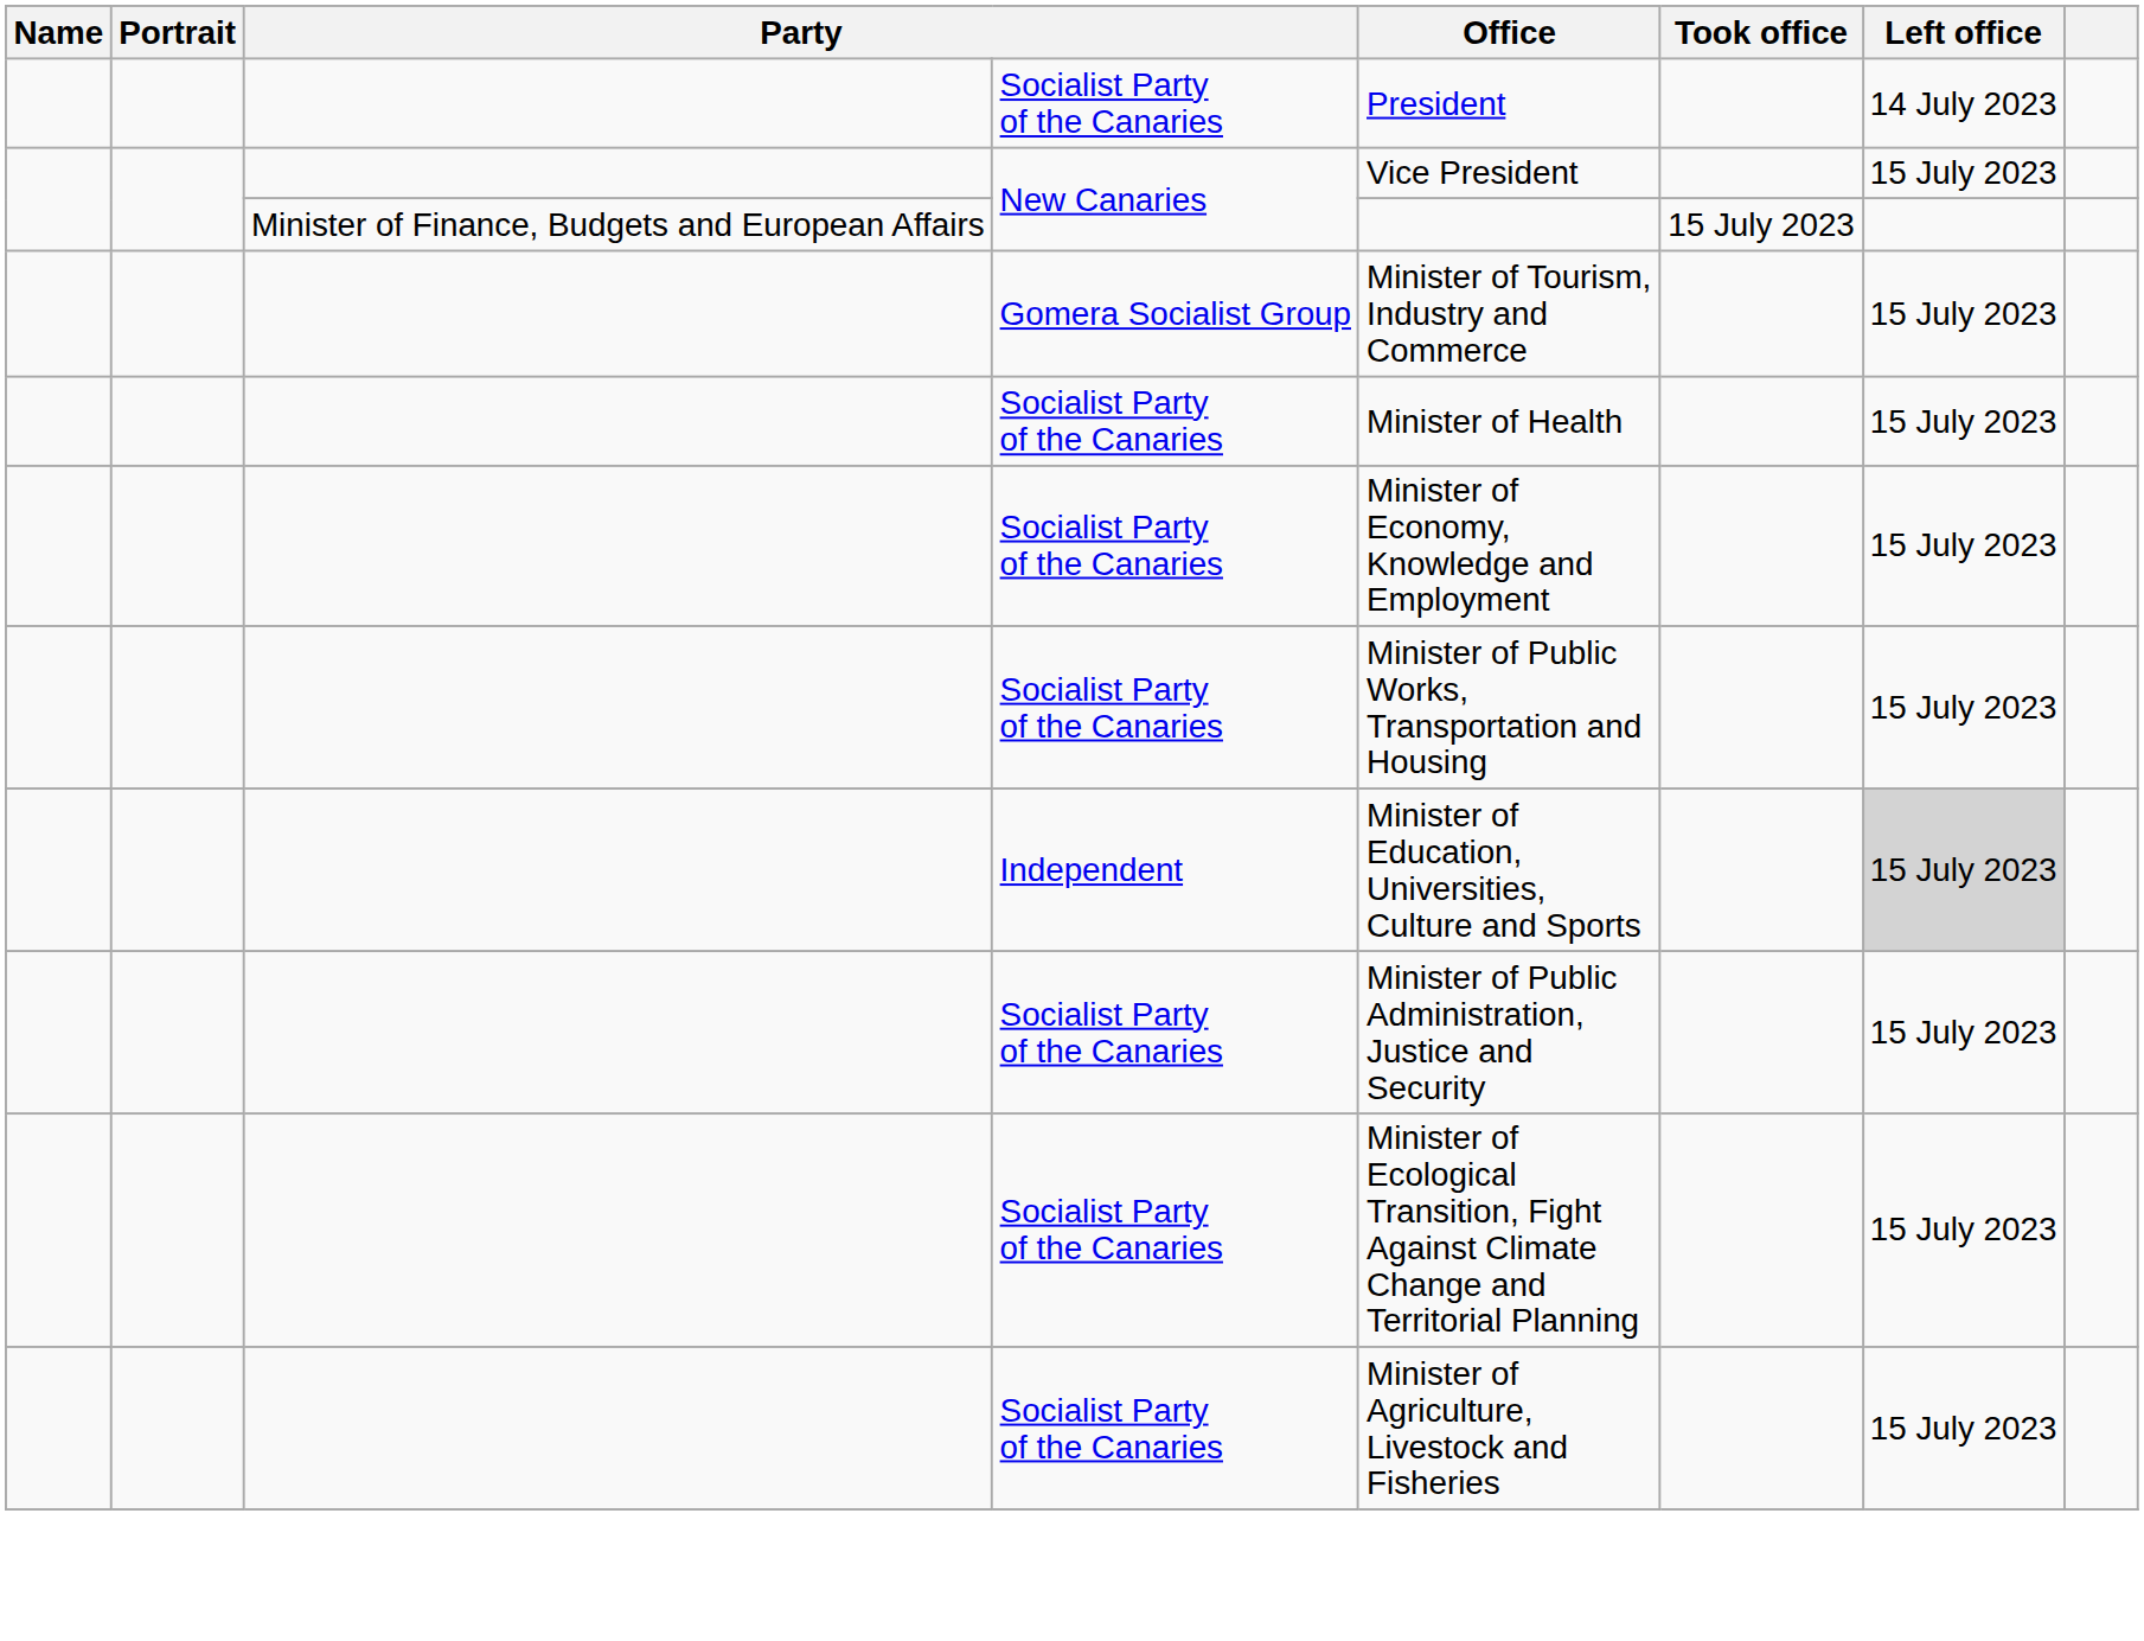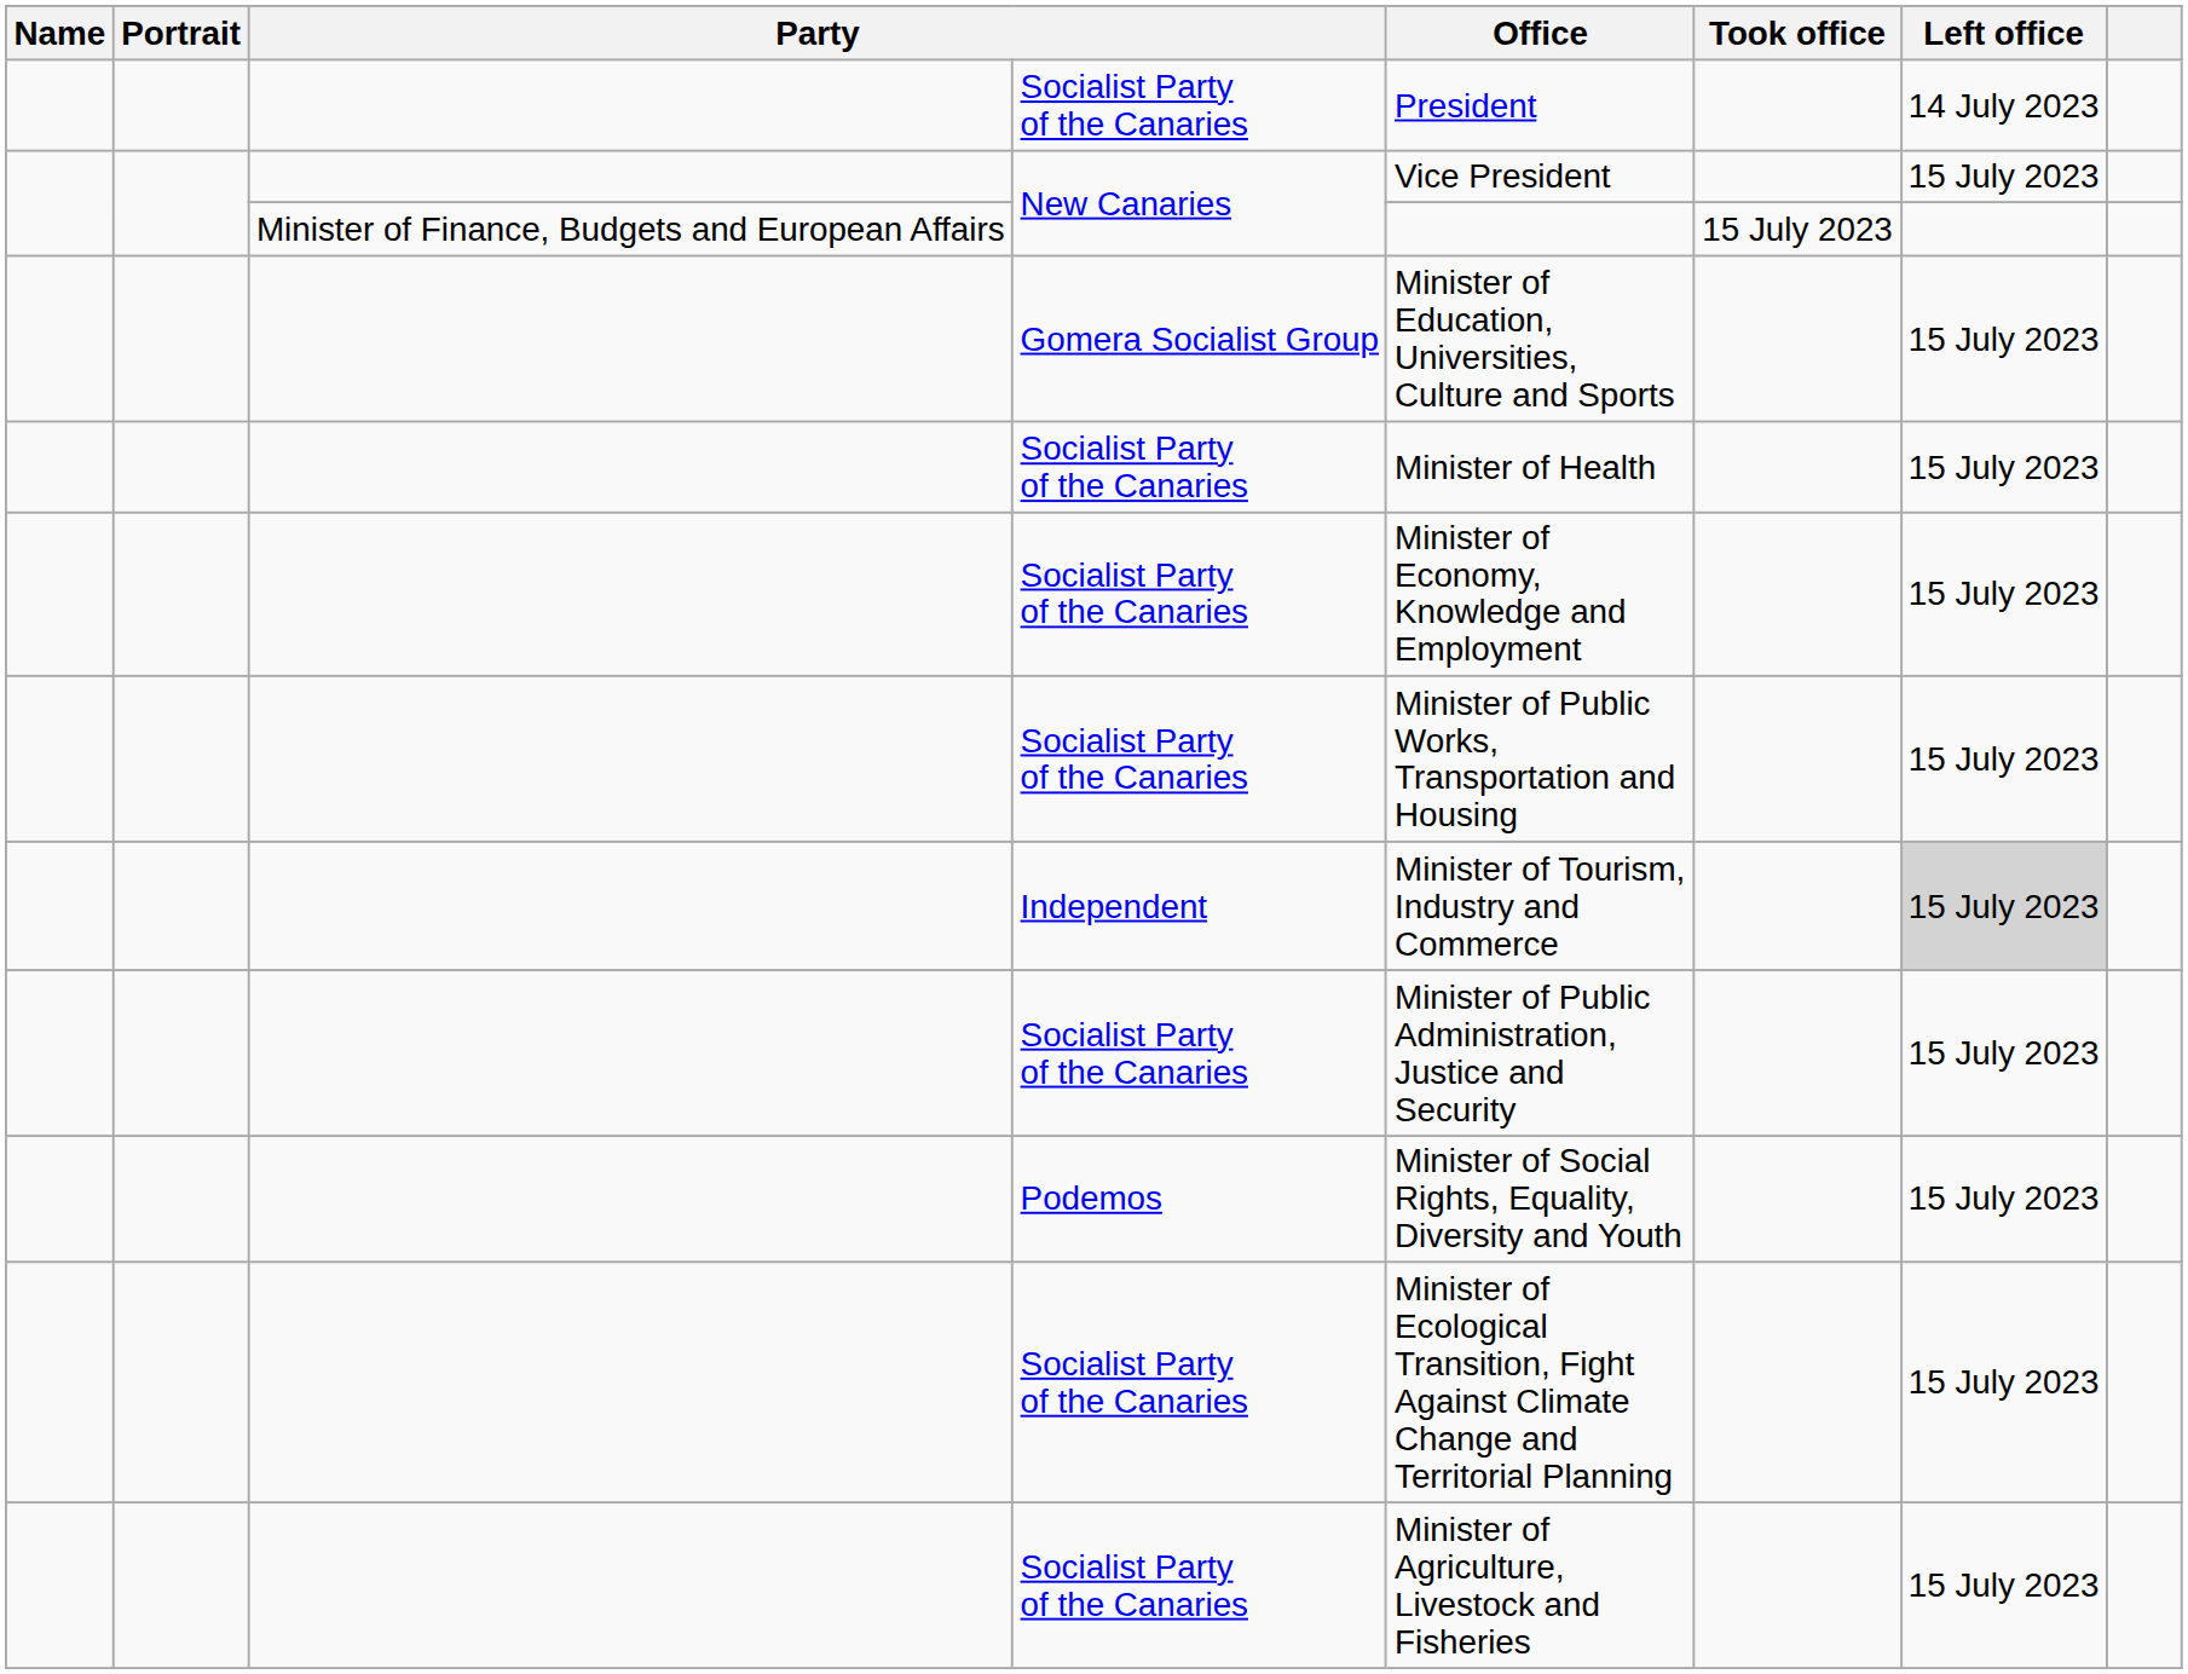 <table class="wikitable plainrowheaders sortable" style="font-size:90%; text-align:left;">
 <tr>
 <th scope=col>Name</th>
 <th scope=col class=unsortable>Portrait</th>
 <th scope=col colspan="2">Party</th>
 <th scope=col width=125px>Office</th>
 <th scope=col>Took office</th>
 <th scope=col>Left office</th>
 <th scope=col width=25px class=unsortable></th>
 </tr>
 <tr>
 <td style="white-space: nowrap;"></td>
 <td align=center></td>
 <td !align="center" style="background:"></td>
 <td><a href='#'>Socialist Party<br>of the Canaries</a></td>
 <td><a href='#'>President</a></td>
 <td align=center></td>
 <td>14 July 2023</td>
 <td align="center"></td>
 </tr>
 <tr>
 <td style="white-space: nowrap;" rowspan=2></td>
 <td align=center rowspan=2></td>
 <td !align="center" style="background:"></td>
 <td rowspan=2><a href='#'>New Canaries</a></td>
 <td>Vice President</td>
 <td align=center></td>
 <td>15 July 2023</td>
 <td align="center"></td>
 </tr>
 <tr>
 <td>Minister of Finance, Budgets and European Affairs</td>
 <td align=center></td>
 <td>15 July 2023</td>
 <td align="center"></td>
 </tr>
 <tr>
 <td style="white-space: nowrap;"></td>
 <td align="center"></td>
 <td !align="center" style="background:"></td>
 <td><a href='#'>Gomera Socialist Group</a></td>
-<td>Minister of Tourism, Industry and Commerce</td>
+<td>Minister of Education, Universities, Culture and Sports</td>
 <td align=center></td>
 <td>15 July 2023</td>
 <td align="center"></td>
 </tr>
 <tr>
 <td style="white-space: nowrap;"></td>
 <td align=center></td>
 <td !align="center" style="background:"></td>
 <td><a href='#'>Socialist Party<br>of the Canaries</a></td>
 <td>Minister of Health</td>
 <td align=center></td>
 <td>15 July 2023</td>
 <td align="center"></td>
 </tr>
 <tr>
 <td style="white-space: nowrap;"></td>
 <td align=center></td>
 <td !align="center" style="background:"></td>
 <td><a href='#'>Socialist Party<br>of the Canaries</a></td>
 <td>Minister of Economy, Knowledge and Employment</td>
 <td align=center></td>
 <td>15 July 2023</td>
 <td align="center"></td>
 </tr>
 <tr>
 <td style="white-space: nowrap;"></td>
 <td align=center></td>
 <td !align="center" style="background:"></td>
 <td><a href='#'>Socialist Party<br>of the Canaries</a></td>
 <td>Minister of Public Works, Transportation and Housing</td>
 <td align=center></td>
 <td>15 July 2023</td>
 <td align="center"></td>
 </tr>
 <tr>
 <td style="white-space: nowrap;"></td>
 <td align=center></td>
 <td !align="center" style="background:"></td>
 <td><a href='#'>Independent</a></td>
-<td>Minister of Education, Universities, Culture and Sports</td>
+<td>Minister of Tourism, Industry and Commerce</td>
 <td align=center></td>
 <td style="background: lightgrey;">15 July 2023</td>
 <td align="center"></td>
 </tr>
 <tr>
 <td style="white-space: nowrap;"></td>
 <td align=center></td>
 <td !align="center" style="background:"></td>
 <td><a href='#'>Socialist Party<br>of the Canaries</a></td>
 <td>Minister of Public Administration, Justice and Security</td>
+<td align=center></td>
+<td>15 July 2023</td>
+<td align="center"></td>
+</tr>
+<tr>
+<td style="white-space: nowrap;"></td>
+<td align=center></td>
+<td !align="center" style="background:"></td>
+<td><a href='#'>Podemos</a></td>
+<td>Minister of Social Rights, Equality, Diversity and Youth</td>
 <td align=center></td>
 <td>15 July 2023</td>
 <td align="center"></td>
 </tr>
 <tr>
 <td style="white-space: nowrap;"></td>
 <td align=center></td>
 <td !align="center" style="background:"></td>
 <td><a href='#'>Socialist Party<br>of the Canaries</a></td>
 <td>Minister of Ecological Transition, Fight Against Climate Change and Territorial Planning</td>
 <td align=center></td>
 <td>15 July 2023</td>
 <td align="center"></td>
 </tr>
 <tr>
 <td style="white-space: nowrap;"></td>
 <td align=center></td>
 <td !align="center" style="background:"></td>
 <td><a href='#'>Socialist Party<br>of the Canaries</a></td>
 <td>Minister of Agriculture, Livestock and Fisheries</td>
 <td align=center></td>
 <td>15 July 2023</td>
 <td align="center"></td>
 </tr>
 </table>
